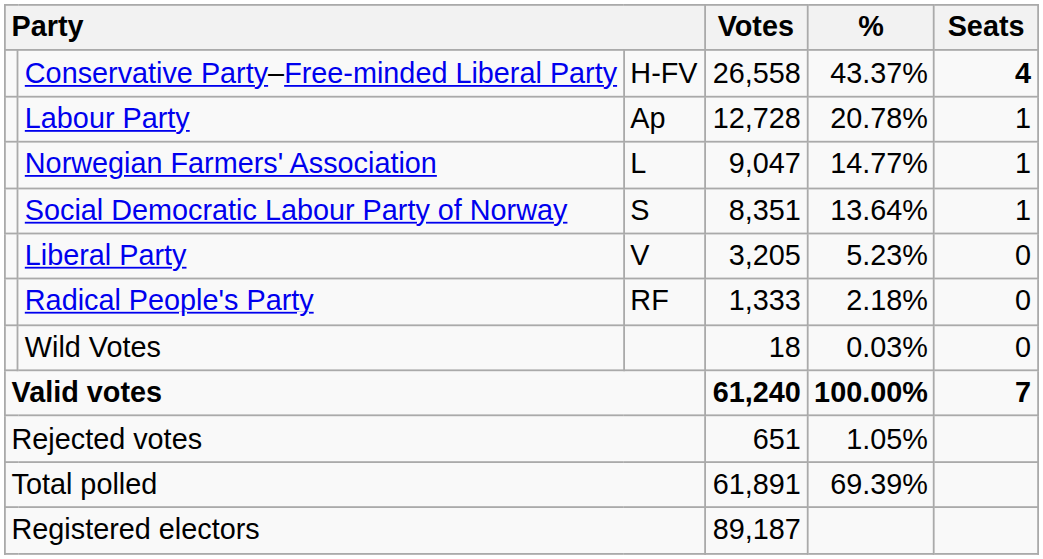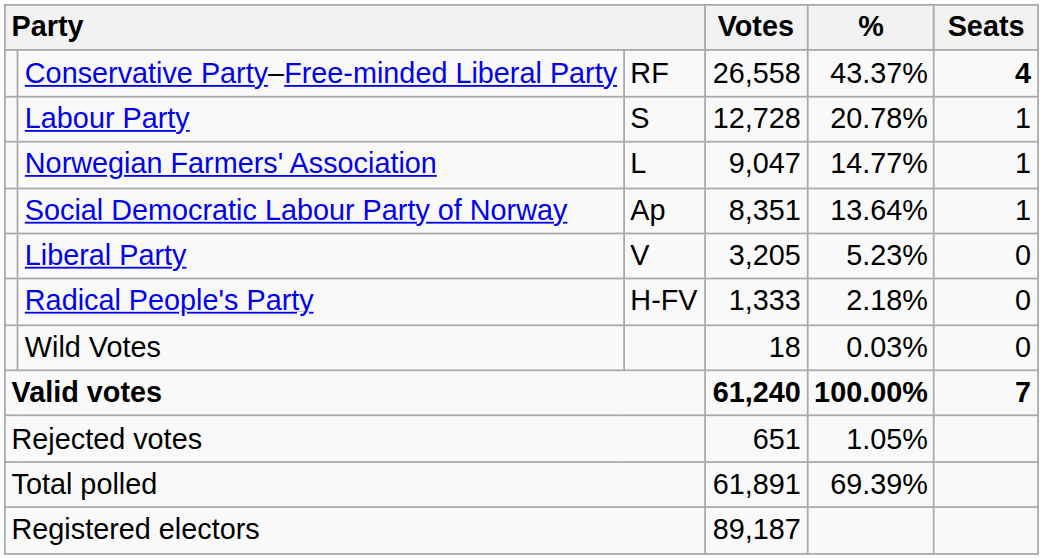 <table class="wikitable" border="1" style="text-align:right;">
 <tr>
 <th style="text-align:left;" colspan=3>Party</th>
 <th align=center width="50">Votes</th>
 <th align=center width="50">%</th>
 <th align=center width="50">Seats</th>
 </tr>
 <tr>
 <td></td>
 <td align=left><a href='#'>Conservative Party</a>–<a href='#'>Free-minded Liberal Party</a></td>
-<td align=left>H-FV</td>
+<td align=left>RF</td>
 <td>26,558</td>
 <td>43.37%</td>
 <td><strong>4</strong></td>
 </tr>
 <tr>
 <td style="color:inherit;background:"></td>
 <td align=left><a href='#'>Labour Party</a></td>
-<td align=left>Ap</td>
+<td align=left>S</td>
 <td>12,728</td>
 <td>20.78%</td>
 <td>1</td>
 </tr>
 <tr>
 <td style="color:inherit;background:"></td>
 <td align=left><a href='#'>Norwegian Farmers' Association</a></td>
 <td align=left>L</td>
 <td>9,047</td>
 <td>14.77%</td>
 <td>1</td>
 </tr>
 <tr>
 <td style="color:inherit;background:"></td>
 <td align=left><a href='#'>Social Democratic Labour Party of Norway</a></td>
-<td align=left>S</td>
+<td align=left>Ap</td>
 <td>8,351</td>
 <td>13.64%</td>
 <td>1</td>
 </tr>
 <tr>
 <td style="color:inherit;background:"></td>
 <td align=left><a href='#'>Liberal Party</a></td>
 <td align=left>V</td>
 <td>3,205</td>
 <td>5.23%</td>
 <td>0</td>
 </tr>
 <tr>
 <td></td>
 <td align=left><a href='#'>Radical People's Party</a></td>
-<td align=left>RF</td>
+<td align=left>H-FV</td>
 <td>1,333</td>
 <td>2.18%</td>
 <td>0</td>
 </tr>
 <tr>
 <td></td>
 <td align=left>Wild Votes</td>
 <td align=left></td>
 <td>18</td>
 <td>0.03%</td>
 <td>0</td>
 </tr>
 <tr style="font-weight:bold">
 <td align=left colspan=3>Valid votes</td>
 <td>61,240</td>
 <td>100.00%</td>
 <td>7</td>
 </tr>
 <tr>
 <td align=left colspan=3>Rejected votes</td>
 <td>651</td>
 <td>1.05%</td>
 <td></td>
 </tr>
 <tr>
 <td align=left colspan=3>Total polled</td>
 <td>61,891</td>
 <td>69.39%</td>
 <td></td>
 </tr>
 <tr>
 <td align=left colspan=3>Registered electors</td>
 <td>89,187</td>
 <td></td>
 <td></td>
 </tr>
 </table>
